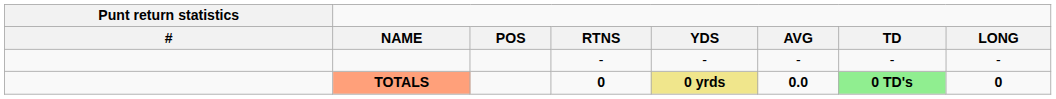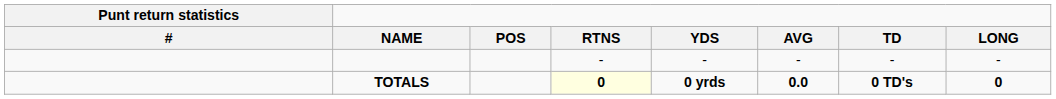 <table class="wikitable collapsible collapsed" style="width:60%; text-align:center;">
 <tr>
 <th style="text-align:center; ">Punt return statistics</th>
 </tr>
 <tr>
 <th>#</th>
 <th>NAME</th>
 <th>POS</th>
 <th>RTNS</th>
 <th>YDS</th>
 <th>AVG</th>
 <th>TD</th>
 <th>LONG</th>
 </tr>
 <tr>
 <td></td>
 <td></td>
 <td></td>
 <td>-</td>
 <td>-</td>
 <td>-</td>
 <td>-</td>
 <td>-</td>
 </tr>
 <tr>
 <td></td>
-<td style="background: lightsalmon;"><strong>TOTALS</strong></td>
+<td><strong>TOTALS</strong></td>
 <td></td>
-<td><strong>0</strong></td>
-<td style="background: khaki;"><strong>0 yrds</strong></td>
+<td style="background: lightyellow;"><strong>0</strong></td>
+<td><strong>0 yrds</strong></td>
 <td><strong>0.0</strong></td>
-<td style="background: lightgreen;"><strong>0 TD's</strong></td>
+<td><strong>0 TD's</strong></td>
 <td><strong>0</strong></td>
 </tr>
 </table>
